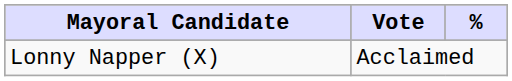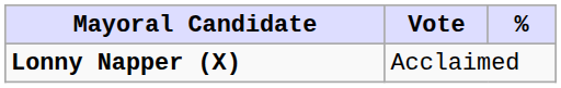 <table class="wikitable">
 <tr>
 <th style="background:#ddf; width:200px;">Mayoral Candidate </th>
 <th style="background:#ddf; width:50px;">Vote</th>
 <th style="background:#ddf; width:30px;">%</th>
 </tr>
 <tr>
-<td>Lonny Napper (X)</td>
+<td><strong>Lonny Napper (X)</strong></td>
 <td colspan="2">Acclaimed</td>
 </tr>
 </table>
